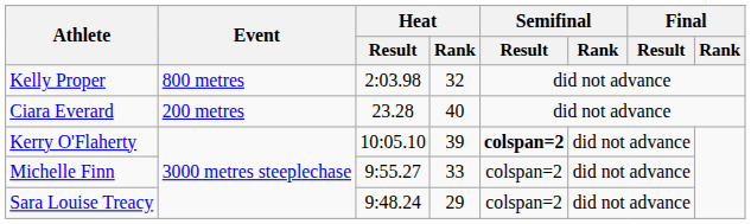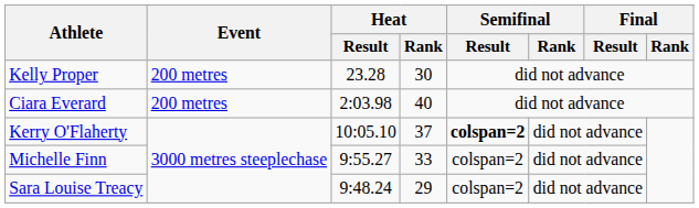 <table class="wikitable" style="font-size:90%">
 <tr>
 <th rowspan="2">Athlete</th>
 <th rowspan="2">Event</th>
 <th colspan="2">Heat</th>
 <th colspan="2">Semifinal</th>
 <th colspan="2">Final</th>
 </tr>
 <tr style="font-size:95%">
 <th>Result</th>
 <th>Rank</th>
 <th>Result</th>
 <th>Rank</th>
 <th>Result</th>
 <th>Rank</th>
 </tr>
 <tr style=text-align:center>
 <td style=text-align:left><a href='#'>Kelly Proper</a></td>
-<td style=text-align:left><a href='#'>800 metres</a></td>
-<td>2:03.98</td>
-<td>32</td>
+<td style=text-align:left><a href='#'>200 metres</a></td>
+<td>23.28</td>
+<td>30</td>
 <td colspan="4">did not advance</td>
 </tr>
 <tr style=text-align:center>
 <td style=text-align:left><a href='#'>Ciara Everard</a></td>
 <td style=text-align:left><a href='#'>200 metres</a></td>
-<td>23.28</td>
+<td>2:03.98</td>
 <td>40</td>
 <td colspan="4">did not advance</td>
 </tr>
 <tr style=text-align:center>
 <td style=text-align:left><a href='#'>Kerry O'Flaherty</a></td>
 <td style=text-align:left rowspan=3><a href='#'>3000 metres steeplechase</a></td>
 <td>10:05.10</td>
-<td>39</td>
+<td>37</td>
 <td><strong>colspan=2 </strong></td>
 <td colspan=2>did not advance</td>
 </tr>
 <tr style=text-align:center>
 <td style=text-align:left><a href='#'>Michelle Finn</a></td>
 <td>9:55.27</td>
 <td>33</td>
 <td>colspan=2 </td>
 <td colspan=2>did not advance</td>
 </tr>
 <tr style=text-align:center>
 <td style=text-align:left><a href='#'>Sara Louise Treacy</a></td>
 <td>9:48.24</td>
 <td>29</td>
 <td>colspan=2 </td>
 <td colspan=2>did not advance</td>
 </tr>
 </table>
